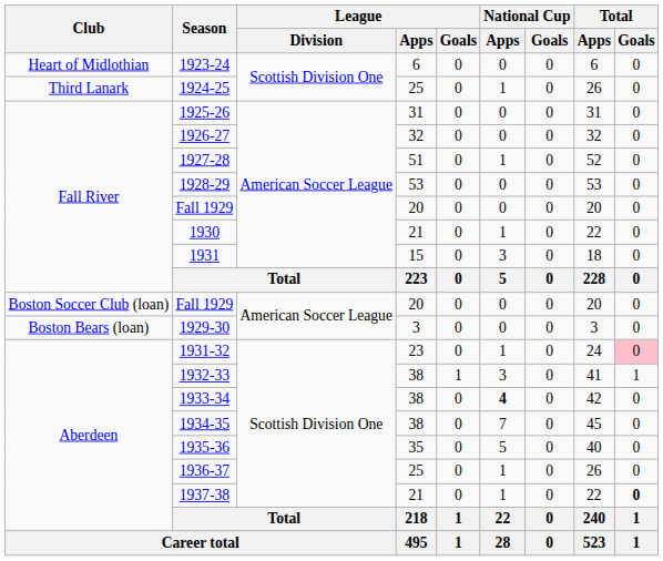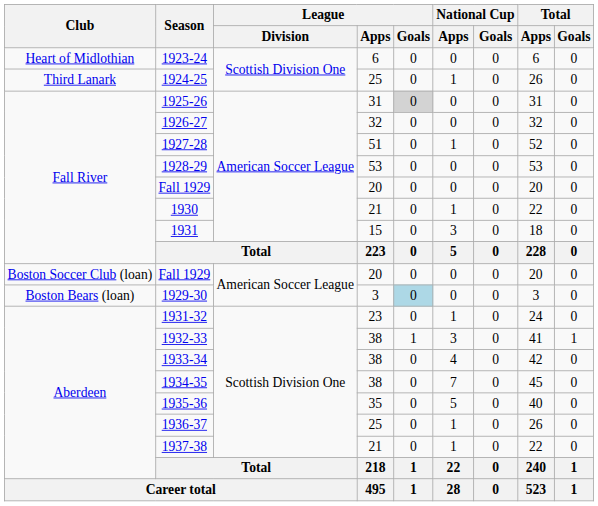 <table class="wikitable" style="text-align:center">
 <tr>
 <th rowspan="2">Club</th>
 <th rowspan="2">Season</th>
 <th colspan="3">League</th>
 <th colspan="2">National Cup</th>
 <th colspan="2">Total</th>
 </tr>
 <tr>
 <th>Division</th>
 <th>Apps</th>
 <th>Goals</th>
 <th>Apps</th>
 <th>Goals</th>
 <th>Apps</th>
 <th>Goals</th>
 </tr>
 <tr>
 <td><a href='#'>Heart of Midlothian</a></td>
 <td><a href='#'>1923-24</a></td>
 <td rowspan=2><a href='#'>Scottish Division One</a></td>
 <td>6</td>
 <td>0</td>
 <td>0</td>
 <td>0</td>
 <td>6</td>
 <td>0</td>
 </tr>
 <tr>
 <td><a href='#'>Third Lanark</a></td>
 <td><a href='#'>1924-25</a></td>
 <td>25</td>
 <td>0</td>
 <td>1</td>
 <td>0</td>
 <td>26</td>
 <td>0</td>
 </tr>
 <tr>
 <td rowspan="8"><a href='#'>Fall River</a></td>
 <td><a href='#'>1925-26</a></td>
 <td rowspan="7"><a href='#'>American Soccer League</a></td>
 <td>31</td>
-<td>0</td>
+<td style="background: lightgrey;">0</td>
 <td>0</td>
 <td>0</td>
 <td>31</td>
 <td>0</td>
 </tr>
 <tr>
 <td><a href='#'>1926-27</a></td>
 <td>32</td>
 <td>0</td>
 <td>0</td>
 <td>0</td>
 <td>32</td>
 <td>0</td>
 </tr>
 <tr>
 <td><a href='#'>1927-28</a></td>
 <td>51</td>
 <td>0</td>
 <td>1</td>
 <td>0</td>
 <td>52</td>
 <td>0</td>
 </tr>
 <tr>
 <td><a href='#'>1928-29</a></td>
 <td>53</td>
 <td>0</td>
 <td>0</td>
 <td>0</td>
 <td>53</td>
 <td>0</td>
 </tr>
 <tr>
 <td><a href='#'>Fall 1929</a></td>
 <td>20</td>
 <td>0</td>
 <td>0</td>
 <td>0</td>
 <td>20</td>
 <td>0</td>
 </tr>
 <tr>
 <td><a href='#'>1930</a></td>
 <td>21</td>
 <td>0</td>
 <td>1</td>
 <td>0</td>
 <td>22</td>
 <td>0</td>
 </tr>
 <tr>
 <td><a href='#'>1931</a></td>
 <td>15</td>
 <td>0</td>
 <td>3</td>
 <td>0</td>
 <td>18</td>
 <td>0</td>
 </tr>
 <tr>
 <th colspan="2">Total</th>
 <th>223</th>
 <th>0</th>
 <th>5</th>
 <th>0</th>
 <th>228</th>
 <th>0</th>
 </tr>
 <tr>
 <td><a href='#'>Boston Soccer Club</a> (loan)</td>
 <td><a href='#'>Fall 1929</a></td>
 <td rowspan="2">American Soccer League</td>
 <td>20</td>
 <td>0</td>
 <td>0</td>
 <td>0</td>
 <td>20</td>
 <td>0</td>
 </tr>
 <tr>
 <td><a href='#'>Boston Bears</a> (loan)</td>
 <td><a href='#'>1929-30</a></td>
 <td>3</td>
-<td>0</td>
+<td style="background: lightblue;">0</td>
 <td>0</td>
 <td>0</td>
 <td>3</td>
 <td>0</td>
 </tr>
 <tr>
 <td rowspan="8"><a href='#'>Aberdeen</a></td>
 <td><a href='#'>1931-32</a></td>
 <td rowspan="7">Scottish Division One</td>
 <td>23</td>
 <td>0</td>
 <td>1</td>
 <td>0</td>
 <td>24</td>
-<td style="background: pink;">0</td>
+<td>0</td>
 </tr>
 <tr>
 <td><a href='#'>1932-33</a></td>
 <td>38</td>
 <td>1</td>
 <td>3</td>
 <td>0</td>
 <td>41</td>
 <td>1</td>
 </tr>
 <tr>
 <td><a href='#'>1933-34</a></td>
 <td>38</td>
 <td>0</td>
-<td><strong>4</strong></td>
+<td>4</td>
 <td>0</td>
 <td>42</td>
 <td>0</td>
 </tr>
 <tr>
 <td><a href='#'>1934-35</a></td>
 <td>38</td>
 <td>0</td>
 <td>7</td>
 <td>0</td>
 <td>45</td>
 <td>0</td>
 </tr>
 <tr>
 <td><a href='#'>1935-36</a></td>
 <td>35</td>
 <td>0</td>
 <td>5</td>
 <td>0</td>
 <td>40</td>
 <td>0</td>
 </tr>
 <tr>
 <td><a href='#'>1936-37</a></td>
 <td>25</td>
 <td>0</td>
 <td>1</td>
 <td>0</td>
 <td>26</td>
 <td>0</td>
 </tr>
 <tr>
 <td><a href='#'>1937-38</a></td>
 <td>21</td>
 <td>0</td>
 <td>1</td>
 <td>0</td>
 <td>22</td>
-<td><strong>0</strong></td>
+<td>0</td>
 </tr>
 <tr>
 <th colspan="2">Total</th>
 <th>218</th>
 <th>1</th>
 <th>22</th>
 <th>0</th>
 <th>240</th>
 <th>1</th>
 </tr>
 <tr>
 <th colspan="3">Career total</th>
 <th>495</th>
 <th>1</th>
 <th>28</th>
 <th>0</th>
 <th>523</th>
 <th>1</th>
 </tr>
 </table>
